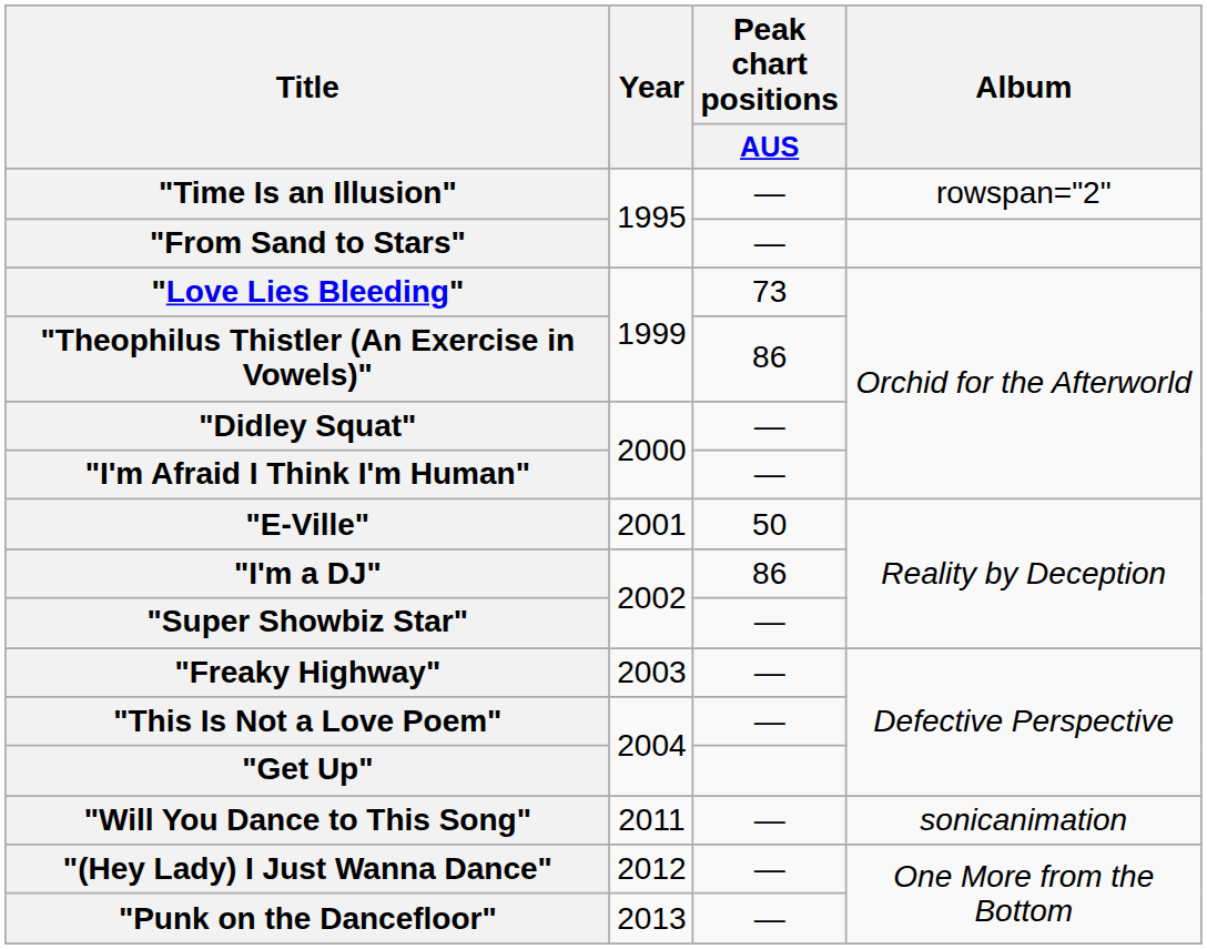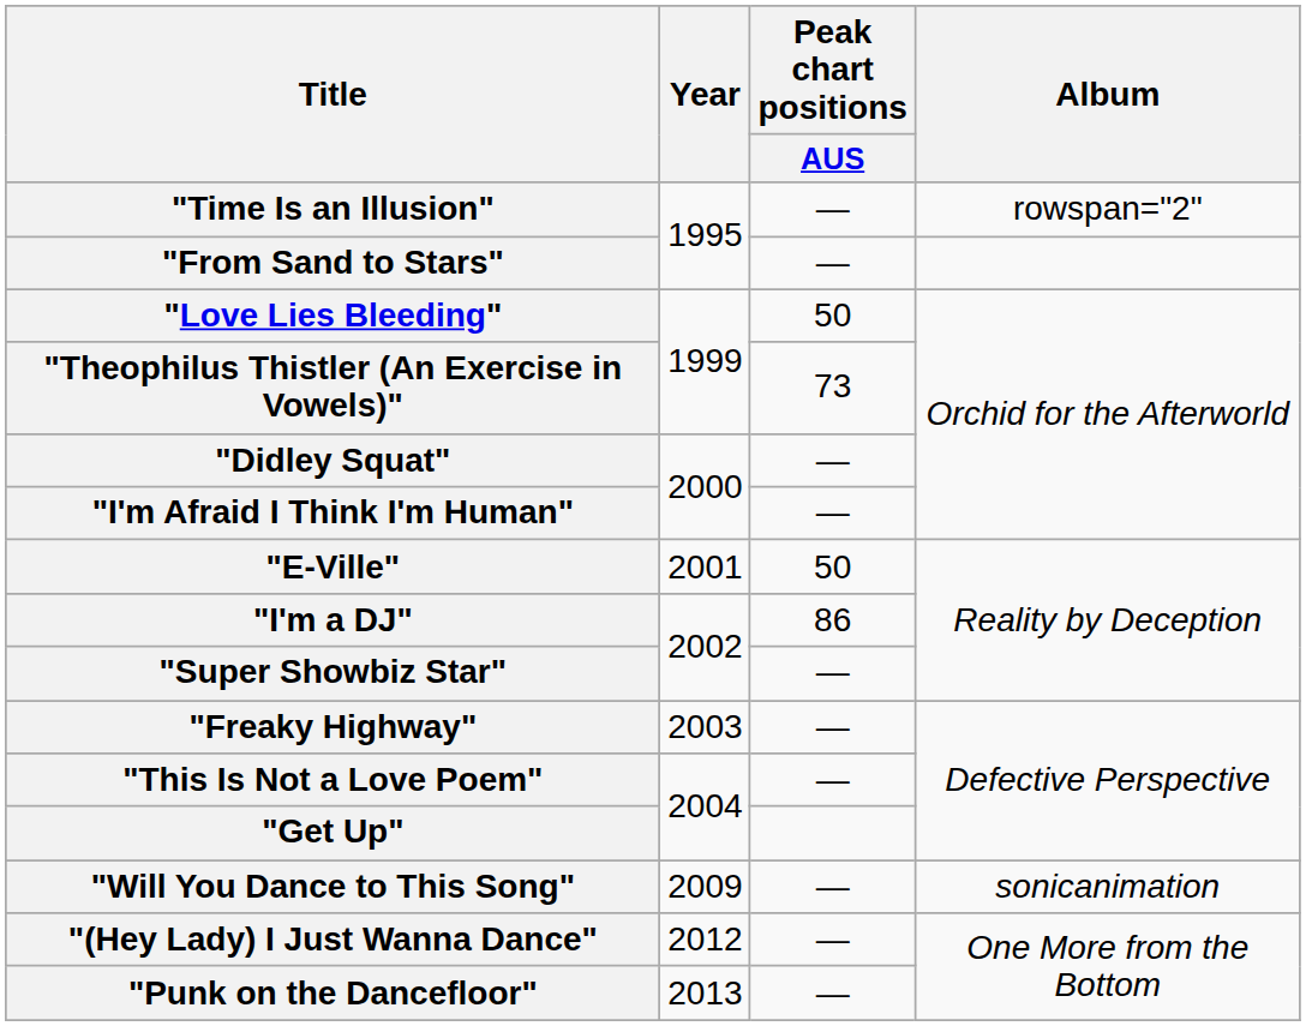 <table class="wikitable plainrowheaders" style="text-align:center;">
 <tr>
 <th scope="col" rowspan="2" style="width:19em;">Title</th>
 <th scope="col" rowspan="2" style="width:1em;">Year</th>
 <th scope="col" colspan="1">Peak chart positions</th>
 <th scope="col" rowspan="2" style="width:11em;">Album</th>
 </tr>
 <tr>
 <th scope="col" style="width:3em;font-size:90%;"><a href='#'>AUS</a><br></th>
 </tr>
 <tr>
 <th scope="row">"Time Is an Illusion"</th>
 <td rowspan="2">1995</td>
 <td>—</td>
 <td>rowspan="2" </td>
 </tr>
 <tr>
 <th scope="row">"From Sand to Stars"</th>
 <td>—</td>
 </tr>
 <tr>
 <th scope="row">"<a href='#'>Love Lies Bleeding</a>"</th>
 <td rowspan="2">1999</td>
-<td>73</td>
+<td>50</td>
 <td rowspan="4"><em>Orchid for the Afterworld</em></td>
 </tr>
 <tr>
 <th scope="row">"Theophilus Thistler (An Exercise in Vowels)"</th>
-<td>86</td>
+<td>73</td>
 </tr>
 <tr>
 <th scope="row">"Didley Squat"</th>
 <td rowspan="2">2000</td>
 <td>—</td>
 </tr>
 <tr>
 <th scope="row">"I'm Afraid I Think I'm Human"</th>
 <td>—</td>
 </tr>
 <tr>
 <th scope="row">"E-Ville"</th>
 <td>2001</td>
 <td>50</td>
 <td rowspan="3"><em>Reality by Deception</em></td>
 </tr>
 <tr>
 <th scope="row">"I'm a DJ"</th>
 <td rowspan="2">2002</td>
 <td>86</td>
 </tr>
 <tr>
 <th scope="row">"Super Showbiz Star"</th>
 <td>—</td>
 </tr>
 <tr>
 <th scope="row">"Freaky Highway"</th>
 <td>2003</td>
 <td>—</td>
 <td rowspan="3"><em>Defective Perspective</em></td>
 </tr>
 <tr>
 <th scope="row">"This Is Not a Love Poem"</th>
 <td rowspan="2">2004</td>
 <td>—</td>
 </tr>
 <tr>
 <th scope="row">"Get Up"</th>
 </tr>
 <tr>
 <th scope="row">"Will You Dance to This Song"</th>
-<td>2011</td>
+<td>2009</td>
 <td>—</td>
 <td><em>sonicanimation</em></td>
 </tr>
 <tr>
 <th scope="row">"(Hey Lady) I Just Wanna Dance"</th>
 <td>2012</td>
 <td>—</td>
 <td rowspan="2"><em>One More from the Bottom</em></td>
 </tr>
 <tr>
 <th scope="row">"Punk on the Dancefloor"</th>
 <td>2013</td>
 <td>—</td>
 </tr>
 </table>
